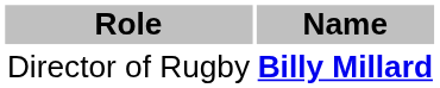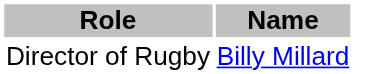 <table class="toccolours">
 <tr>
 <th style="background:silver;">Role</th>
 <th style="background:silver;">Name</th>
 </tr>
 <tr>
 <td>Director of Rugby</td>
-<td><strong> <a href='#'>Billy Millard</a></strong></td>
+<td> <a href='#'>Billy Millard</a></td>
 </tr>
 </table>
